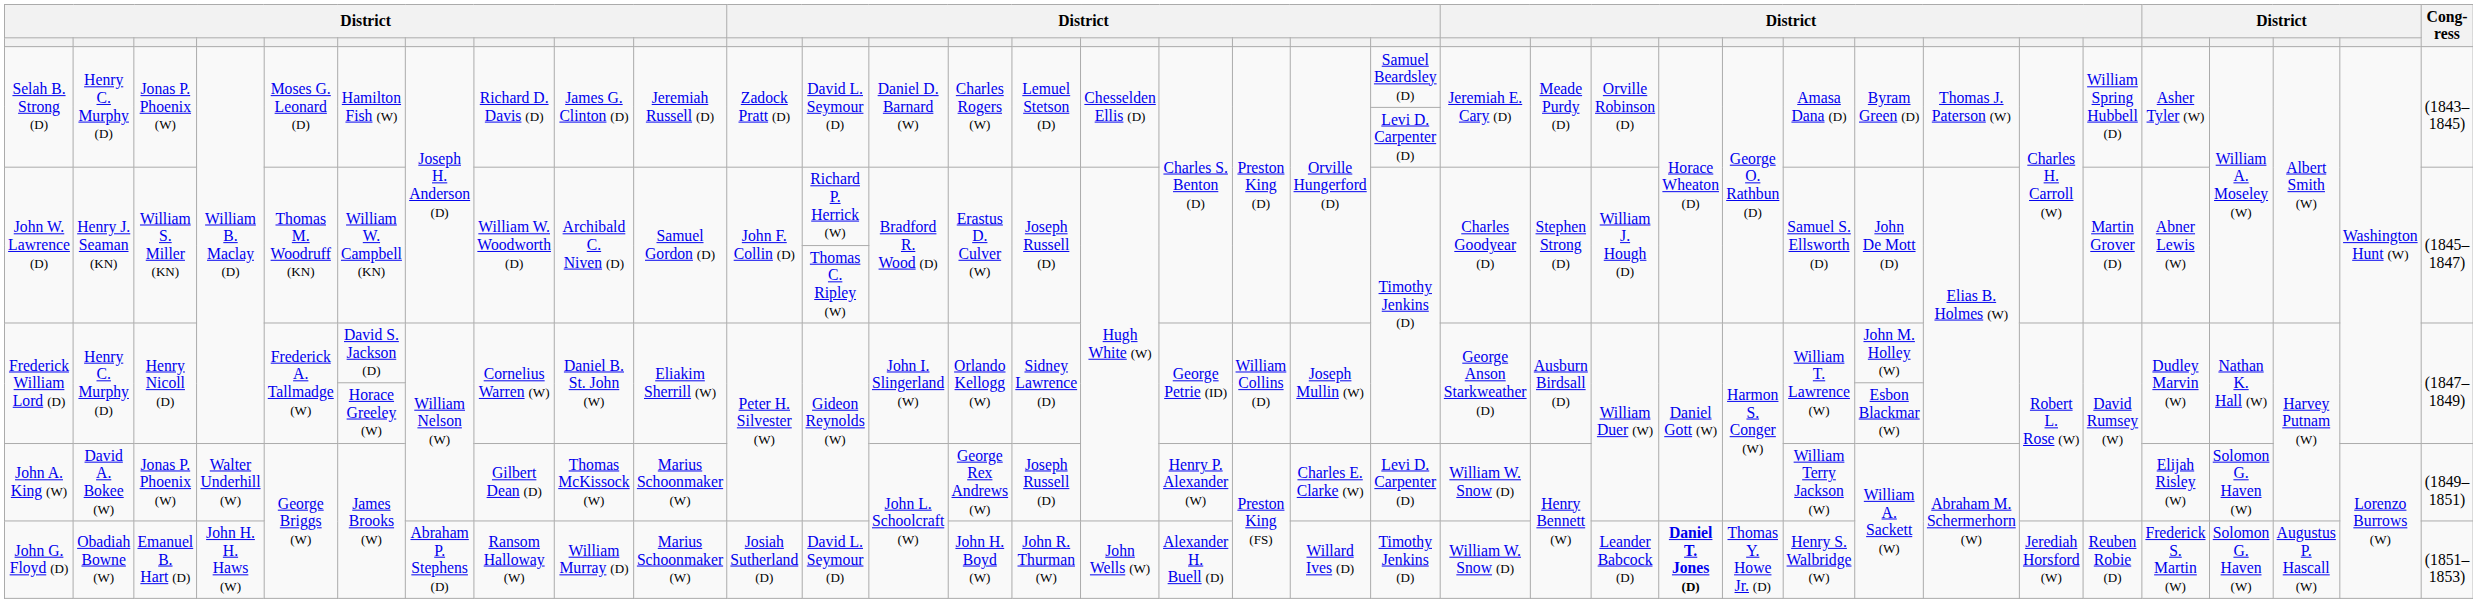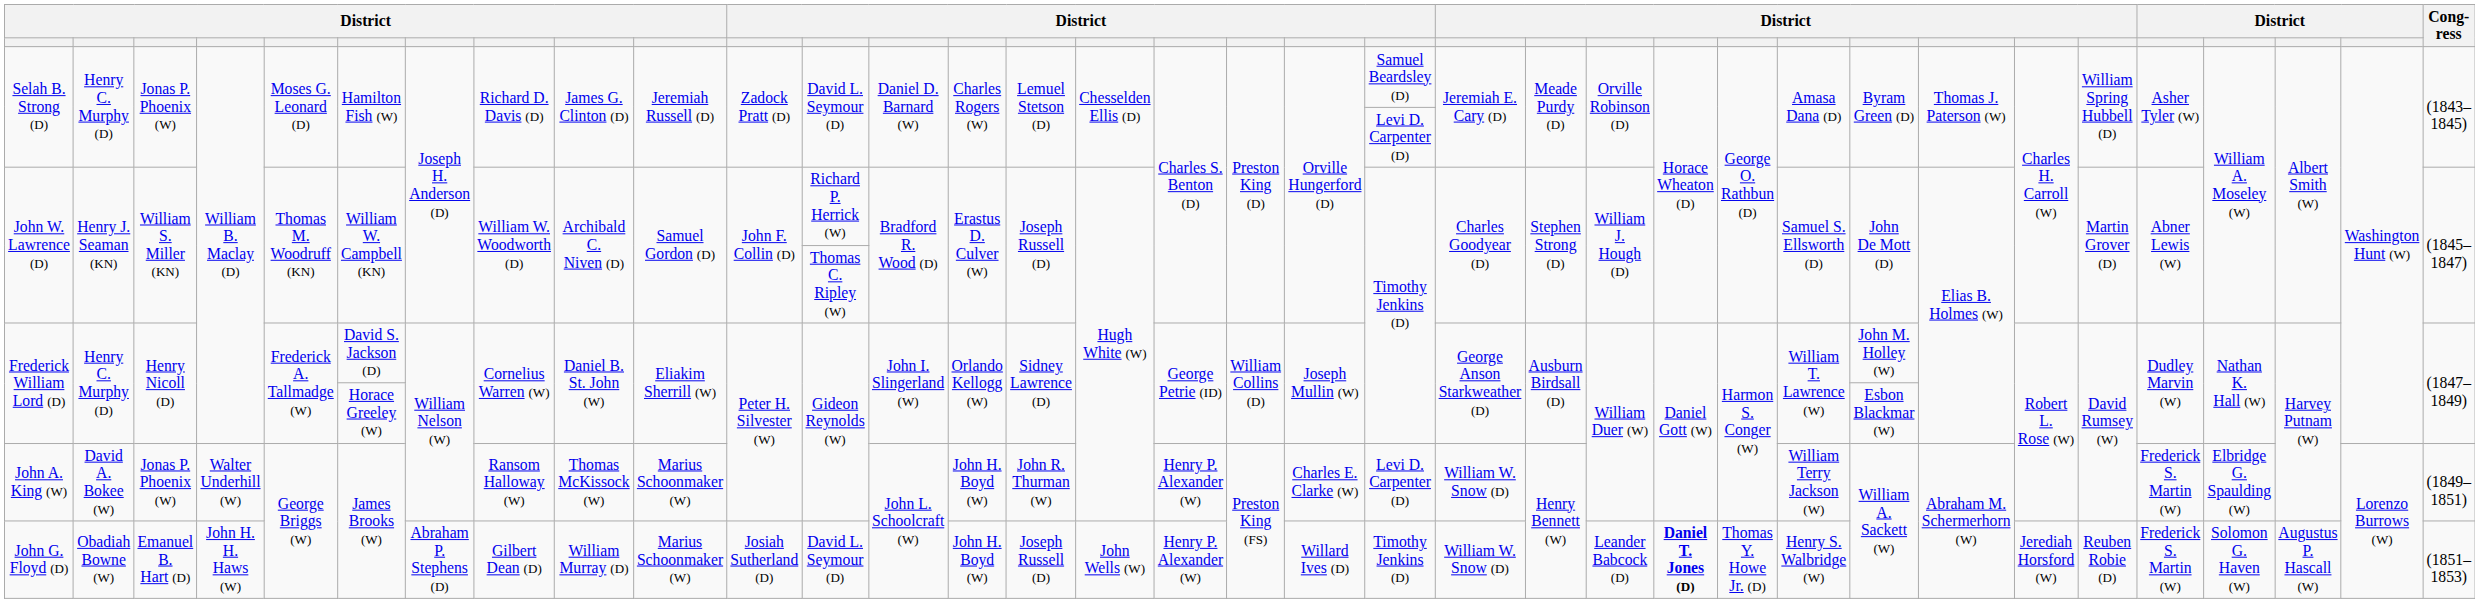 <table class=wikitable style="text-align:center">
 <tr>
 <th colspan=10>District</th>
 <th colspan=10>District</th>
 <th colspan=10>District</th>
 <th colspan=4>District</th>
 <th rowspan=2>Cong­ress</th>
 </tr>
 <tr>
 <th></th>
 <th></th>
 <th></th>
 <th></th>
 <th></th>
 <th></th>
 <th></th>
 <th></th>
 <th></th>
 <th></th>
 <th></th>
 <th></th>
 <th></th>
 <th></th>
 <th></th>
 <th></th>
 <th></th>
 <th></th>
 <th></th>
 <th></th>
 <th></th>
 <th></th>
 <th></th>
 <th></th>
 <th></th>
 <th></th>
 <th></th>
 <th></th>
 <th></th>
 <th></th>
 <th></th>
 <th></th>
 <th></th>
 <th></th>
 </tr>
 <tr style="height:2em">
 <td rowspan=2 ><a href='#'>Selah B.<br>Strong</a><br><small>(D)</small></td>
 <td rowspan=2 ><a href='#'>Henry C.<br>Murphy</a><br><small>(D)</small></td>
 <td rowspan=2 ><a href='#'>Jonas P.<br>Phoenix</a> <small>(W)</small></td>
 <td rowspan=6 ><a href='#'>William B.<br>Maclay</a> <small>(D)</small></td>
 <td rowspan=2 ><a href='#'>Moses G.<br>Leonard</a><br><small>(D)</small></td>
 <td rowspan=2 ><a href='#'>Hamilton<br>Fish</a> <small>(W)</small></td>
 <td rowspan=4 ><a href='#'>Joseph H.<br>Anderson</a> <small>(D)</small></td>
 <td rowspan=2 ><a href='#'>Richard D.<br>Davis</a> <small>(D)</small></td>
 <td rowspan=2 ><a href='#'>James G.<br>Clinton</a> <small>(D)</small></td>
 <td rowspan=2 ><a href='#'>Jeremiah<br>Russell</a> <small>(D)</small></td>
 <td rowspan=2 ><a href='#'>Zadock<br>Pratt</a> <small>(D)</small></td>
 <td rowspan=2 ><a href='#'>David L.<br>Seymour</a> <small>(D)</small></td>
 <td rowspan=2 ><a href='#'>Daniel D.<br>Barnard</a> <small>(W)</small></td>
 <td rowspan=2 ><a href='#'>Charles<br>Rogers</a> <small>(W)</small></td>
 <td rowspan=2 ><a href='#'>Lemuel<br>Stetson</a> <small>(D)</small></td>
 <td rowspan=2 ><a href='#'>Chesselden<br>Ellis</a> <small>(D)</small></td>
 <td rowspan=4 ><a href='#'>Charles S.<br>Benton</a> <small>(D)</small></td>
 <td rowspan=4 ><a href='#'>Preston<br>King</a> <small>(D)</small></td>
 <td rowspan=4 ><a href='#'>Orville<br>Hungerford</a><br><small>(D)</small></td>
 <td><a href='#'>Samuel<br>Beardsley</a> <small>(D)</small></td>
 <td rowspan=2 ><a href='#'>Jeremiah E.<br>Cary</a> <small>(D)</small></td>
 <td rowspan=2 ><a href='#'>Meade<br>Purdy</a> <small>(D)</small></td>
 <td rowspan=2 ><a href='#'>Orville<br>Robinson</a><br><small>(D)</small></td>
 <td rowspan=4 ><a href='#'>Horace<br>Wheaton</a><br><small>(D)</small></td>
 <td rowspan=4 ><a href='#'>George O.<br>Rathbun</a> <small>(D)</small></td>
 <td rowspan=2 ><a href='#'>Amasa<br>Dana</a> <small>(D)</small></td>
 <td rowspan=2 ><a href='#'>Byram<br>Green</a> <small>(D)</small></td>
 <td rowspan=2 ><a href='#'>Thomas J.<br>Paterson</a> <small>(W)</small></td>
 <td rowspan=4 ><a href='#'>Charles H.<br>Carroll</a> <small>(W)</small></td>
 <td rowspan=2 ><a href='#'>William<br>Spring<br>Hubbell</a><br><small>(D)</small></td>
 <td rowspan=2 ><a href='#'>Asher<br>Tyler</a> <small>(W)</small></td>
 <td rowspan=4 ><a href='#'>William A.<br>Moseley</a> <small>(W)</small></td>
 <td rowspan=4 ><a href='#'>Albert<br>Smith</a> <small>(W)</small></td>
 <td rowspan=6 ><a href='#'>Washington<br>Hunt</a> <small>(W)</small></td>
 <td rowspan=2><strong></strong><br>(1843–1845)</td>
 </tr>
 <tr style="height:2em">
 <td><a href='#'>Levi D.<br>Carpenter</a> <small>(D)</small></td>
 </tr>
 <tr style="height:2em">
 <td rowspan=2 ><a href='#'>John W.<br>Lawrence</a><br><small>(D)</small></td>
 <td rowspan=2 ><a href='#'>Henry J.<br>Seaman</a><br><small>(KN)</small></td>
 <td rowspan=2 ><a href='#'>William S.<br>Miller</a> <small>(KN)</small></td>
 <td rowspan=2 ><a href='#'>Thomas<br>M.<br>Woodruff</a><br><small>(KN)</small></td>
 <td rowspan=2 ><a href='#'>William W.<br>Campbell</a><br><small>(KN)</small></td>
 <td rowspan=2 ><a href='#'>William W.<br>Woodworth</a><br><small>(D)</small></td>
 <td rowspan=2 ><a href='#'>Archibald C.<br>Niven</a> <small>(D)</small></td>
 <td rowspan=2 ><a href='#'>Samuel<br>Gordon</a> <small>(D)</small></td>
 <td rowspan=2 ><a href='#'>John F.<br>Collin</a> <small>(D)</small></td>
 <td><a href='#'>Richard P.<br>Herrick</a> <small>(W)</small></td>
 <td rowspan=2 ><a href='#'>Bradford R.<br>Wood</a> <small>(D)</small></td>
 <td rowspan=2 ><a href='#'>Erastus D.<br>Culver</a> <small>(W)</small></td>
 <td rowspan=2 ><a href='#'>Joseph<br>Russell</a> <small>(D)</small></td>
 <td rowspan=5 ><a href='#'>Hugh<br>White</a> <small>(W)</small></td>
 <td rowspan=4 ><a href='#'>Timothy<br>Jenkins</a> <small>(D)</small></td>
 <td rowspan=2 ><a href='#'>Charles<br>Goodyear</a><br><small>(D)</small></td>
 <td rowspan=2 ><a href='#'>Stephen<br>Strong</a><br><small>(D)</small></td>
 <td rowspan=2 ><a href='#'>William J.<br>Hough</a> <small>(D)</small></td>
 <td rowspan=2 ><a href='#'>Samuel S.<br>Ellsworth</a> <small>(D)</small></td>
 <td rowspan=2 ><a href='#'>John<br>De Mott</a> <small>(D)</small></td>
 <td rowspan=4 ><a href='#'>Elias B.<br>Holmes</a> <small>(W)</small></td>
 <td rowspan=2 ><a href='#'>Martin<br>Grover</a> <small>(D)</small></td>
 <td rowspan=2 ><a href='#'>Abner<br>Lewis</a> <small>(W)</small></td>
 <td rowspan=2><strong></strong><br>(1845–1847)</td>
 </tr>
 <tr style="height:2em">
 <td><a href='#'>Thomas C.<br>Ripley</a> <small>(W)</small></td>
 </tr>
 <tr style="height:2em">
 <td rowspan=2 ><a href='#'>Frederick<br>William<br>Lord</a> <small>(D)</small></td>
 <td rowspan=2 ><a href='#'>Henry C.<br>Murphy</a><br><small>(D)</small></td>
 <td rowspan=2 ><a href='#'>Henry<br>Nicoll</a> <small>(D)</small></td>
 <td rowspan=2 ><a href='#'>Frederick<br>A.<br>Tallmadge</a><br><small>(W)</small></td>
 <td><a href='#'>David S.<br>Jackson</a> <small>(D)</small></td>
 <td rowspan=3 ><a href='#'>William<br>Nelson</a> <small>(W)</small></td>
 <td rowspan=2 ><a href='#'>Cornelius<br>Warren</a> <small>(W)</small></td>
 <td rowspan=2 ><a href='#'>Daniel B.<br>St. John</a> <small>(W)</small></td>
 <td rowspan=2 ><a href='#'>Eliakim<br>Sherrill</a> <small>(W)</small></td>
 <td rowspan=3 ><a href='#'>Peter H.<br>Silvester</a> <small>(W)</small></td>
 <td rowspan=3 ><a href='#'>Gideon<br>Reynolds</a><br><small>(W)</small></td>
 <td rowspan=2 ><a href='#'>John I.<br>Slingerland</a><br><small>(W)</small></td>
 <td rowspan=2 ><a href='#'>Orlando<br>Kellogg</a> <small>(W)</small></td>
 <td rowspan=2 ><a href='#'>Sidney<br>Lawrence</a> <small>(D)</small></td>
 <td rowspan=2 ><a href='#'>George<br>Petrie</a> <small>(ID)</small></td>
 <td rowspan=2 ><a href='#'>William<br>Collins</a><br><small>(D)</small></td>
 <td rowspan=2 ><a href='#'>Joseph<br>Mullin</a> <small>(W)</small></td>
 <td rowspan=2 ><a href='#'>George<br>Anson<br>Starkweather</a><br><small>(D)</small></td>
 <td rowspan=2 ><a href='#'>Ausburn<br>Birdsall</a><br><small>(D)</small></td>
 <td rowspan=3 ><a href='#'>William<br>Duer</a> <small>(W)</small></td>
 <td rowspan=3 ><a href='#'>Daniel<br>Gott</a> <small>(W)</small></td>
 <td rowspan=3 ><a href='#'>Harmon S.<br>Conger</a> <small>(W)</small></td>
 <td rowspan=2 ><a href='#'>William T.<br>Lawrence</a> <small>(W)</small></td>
 <td><a href='#'>John M.<br>Holley</a> <small>(W)</small></td>
 <td rowspan=3 ><a href='#'>Robert L.<br>Rose</a> <small>(W)</small></td>
 <td rowspan=3 ><a href='#'>David<br>Rumsey</a><br><small>(W)</small></td>
 <td rowspan=2 ><a href='#'>Dudley<br>Marvin</a> <small>(W)</small></td>
 <td rowspan=2 ><a href='#'>Nathan K.<br>Hall</a> <small>(W)</small></td>
 <td rowspan=3 ><a href='#'>Harvey<br>Putnam</a><br><small>(W)</small></td>
 <td rowspan=2><strong></strong><br>(1847–1849)</td>
 </tr>
 <tr style="height:2em">
 <td><a href='#'>Horace<br>Greeley</a> <small>(W)</small></td>
 <td><a href='#'>Esbon<br>Blackmar</a> <small>(W)</small></td>
 </tr>
 <tr style="height:2em">
 <td><a href='#'>John A.<br>King</a> <small>(W)</small></td>
 <td><a href='#'>David A.<br>Bokee</a> <small>(W)</small></td>
 <td><a href='#'>Jonas P.<br>Phoenix</a> <small>(W)</small></td>
 <td><a href='#'>Walter<br>Underhill</a> <small>(W)</small></td>
 <td rowspan=2 ><a href='#'>George<br>Briggs</a> <small>(W)</small></td>
 <td rowspan=2 ><a href='#'>James<br>Brooks</a> <small>(W)</small></td>
-<td><a href='#'>Gilbert<br>Dean</a> <small>(D)</small></td>
+<td><a href='#'>Ransom<br>Halloway</a> <small>(W)</small></td>
 <td><a href='#'>Thomas<br>McKissock</a> <small>(W)</small></td>
 <td><a href='#'>Marius<br>Schoonmaker</a> <small>(W)</small></td>
 <td rowspan=2 ><a href='#'>John L.<br>Schoolcraft</a><br><small>(W)</small></td>
-<td><a href='#'>George Rex<br>Andrews</a> <small>(W)</small></td>
-<td><a href='#'>Joseph<br>Russell</a> <small>(D)</small></td>
+<td><a href='#'>John H.<br>Boyd</a> <small>(W)</small></td>
+<td><a href='#'>John R.<br>Thurman</a> <small>(W)</small></td>
 <td><a href='#'>Henry P.<br>Alexander</a> <small>(W)</small></td>
 <td rowspan=2 ><a href='#'>Preston<br>King</a> <small>(FS)</small></td>
 <td><a href='#'>Charles E.<br>Clarke</a> <small>(W)</small></td>
 <td><a href='#'>Levi D.<br>Carpenter</a> <small>(D)</small></td>
 <td><a href='#'>William W.<br>Snow</a> <small>(D)</small></td>
 <td rowspan=2 ><a href='#'>Henry<br>Bennett</a><br><small>(W)</small></td>
 <td><a href='#'>William Terry<br>Jackson</a> <small>(W)</small></td>
 <td rowspan=2 ><a href='#'>William A.<br>Sackett</a> <small>(W)</small></td>
 <td rowspan=2 ><a href='#'>Abraham M.<br>Schermerhorn</a><br><small>(W)</small></td>
-<td><a href='#'>Elijah<br>Risley</a> <small>(W)</small></td>
-<td><a href='#'>Solomon G.<br>Haven</a> <small>(W)</small></td>
+<td><a href='#'>Frederick S.<br>Martin</a> <small>(W)</small></td>
+<td><a href='#'>Elbridge G.<br>Spaulding</a> <small>(W)</small></td>
 <td rowspan=2 ><a href='#'>Lorenzo<br>Burrows</a> <small>(W)</small></td>
 <td><strong></strong><br>(1849–1851)</td>
 </tr>
 <tr style="height:2em">
 <td><a href='#'>John G.<br>Floyd</a> <small>(D)</small></td>
 <td><a href='#'>Obadiah<br>Bowne</a> <small>(W)</small></td>
 <td><a href='#'>Emanuel B.<br>Hart</a> <small>(D)</small></td>
 <td><a href='#'>John H. H.<br>Haws</a> <small>(W)</small></td>
 <td><a href='#'>Abraham P.<br>Stephens</a> <small>(D)</small></td>
-<td><a href='#'>Ransom<br>Halloway</a> <small>(W)</small></td>
+<td><a href='#'>Gilbert<br>Dean</a> <small>(D)</small></td>
 <td><a href='#'>William<br>Murray</a> <small>(D)</small></td>
 <td><a href='#'>Marius<br>Schoonmaker</a> <small>(W)</small></td>
 <td><a href='#'>Josiah<br>Sutherland</a> <small>(D)</small></td>
 <td><a href='#'>David L.<br>Seymour</a> <small>(D)</small></td>
 <td><a href='#'>John H.<br>Boyd</a> <small>(W)</small></td>
-<td><a href='#'>John R.<br>Thurman</a> <small>(W)</small></td>
+<td><a href='#'>Joseph<br>Russell</a> <small>(D)</small></td>
 <td><a href='#'>John<br>Wells</a> <small>(W)</small></td>
-<td><a href='#'>Alexander H.<br>Buell</a> <small>(D)</small></td>
+<td><a href='#'>Henry P.<br>Alexander</a> <small>(W)</small></td>
 <td><a href='#'>Willard<br>Ives</a> <small>(D)</small></td>
 <td><a href='#'>Timothy<br>Jenkins</a> <small>(D)</small></td>
 <td><a href='#'>William W.<br>Snow</a> <small>(D)</small></td>
 <td><a href='#'>Leander<br>Babcock</a> <small>(D)</small></td>
 <td><strong><a href='#'>Daniel T.<br>Jones</a> <small>(D)</small></strong></td>
 <td><a href='#'>Thomas Y.<br>Howe Jr.</a> <small>(D)</small></td>
 <td><a href='#'>Henry S.<br>Walbridge</a> <small>(W)</small></td>
 <td><a href='#'>Jerediah<br>Horsford</a> <small>(W)</small></td>
 <td><a href='#'>Reuben<br>Robie</a> <small>(D)</small></td>
 <td><a href='#'>Frederick S.<br>Martin</a> <small>(W)</small></td>
 <td><a href='#'>Solomon G.<br>Haven</a> <small>(W)</small></td>
 <td><a href='#'>Augustus P.<br>Hascall</a> <small>(W)</small></td>
 <td rowspan=2><strong></strong><br>(1851–1853)</td>
 </tr>
 </table>
